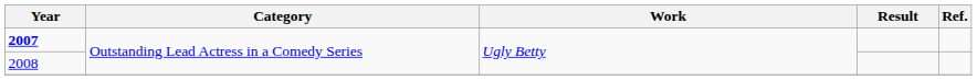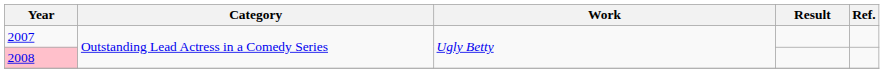 <table class=wikitable>
 <tr>
 <th scope="col" style="width:5em;">Year</th>
 <th scope="col" style="width:26em;">Category</th>
 <th scope="col" style="width:25em;">Work</th>
 <th scope="col" style="width:5em;">Result</th>
 <th>Ref.</th>
 </tr>
 <tr>
-<td><strong><a href='#'>2007</a></strong></td>
+<td><a href='#'>2007</a></td>
 <td rowspan="2"><a href='#'>Outstanding Lead Actress in a Comedy Series</a></td>
 <td rowspan="2"><em><a href='#'>Ugly Betty</a></em></td>
 <td></td>
 <td></td>
 </tr>
 <tr>
-<td><a href='#'>2008</a></td>
+<td style="background: pink;"><a href='#'>2008</a></td>
 <td></td>
 <td></td>
 </tr>
 <tr>
 </tr>
 </table>
